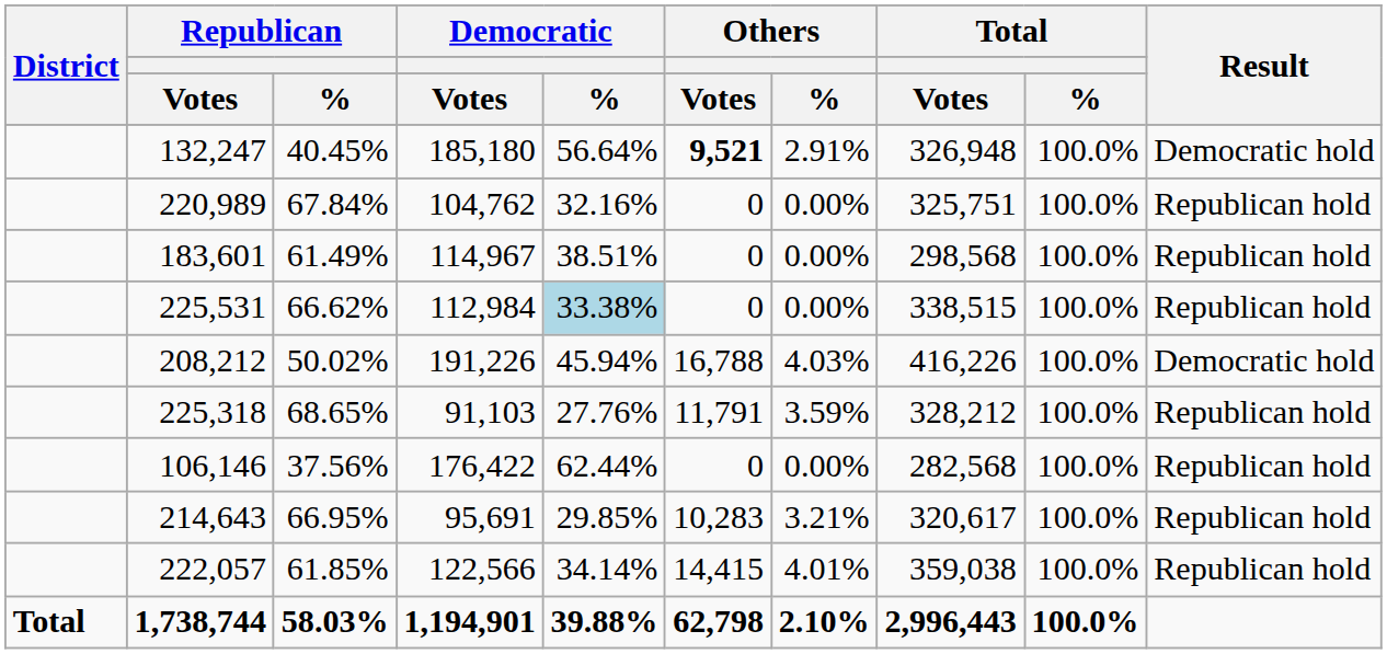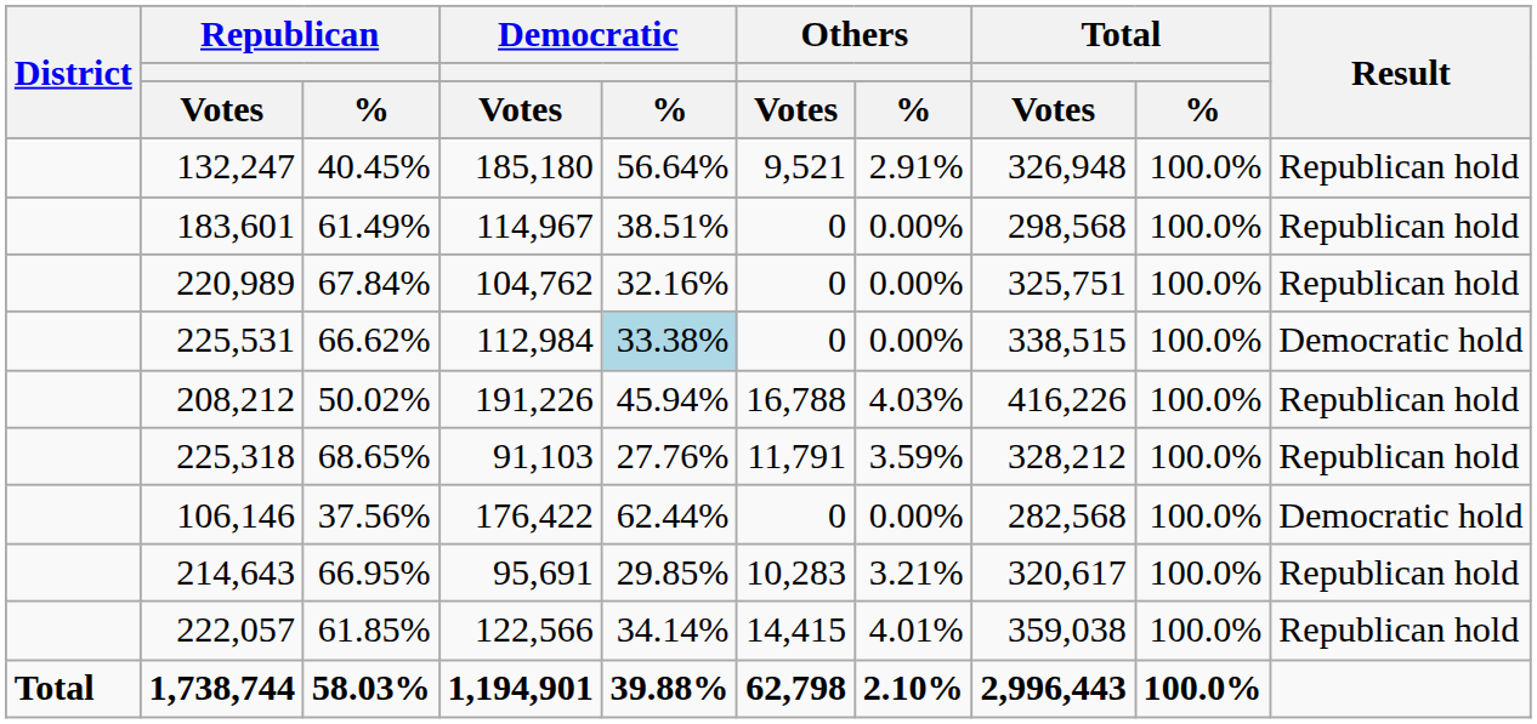 <table class="wikitable plainrowheaders sortable" style="font-size:100%; text-align:right;">
 <tr>
 <th scope=col rowspan=3><a href='#'>District</a></th>
 <th scope=col colspan=2><a href='#'>Republican</a></th>
 <th scope=col colspan=2><a href='#'>Democratic</a></th>
 <th scope=col colspan=2>Others</th>
 <th scope=col colspan=2>Total</th>
 <th scope=col rowspan=3>Result</th>
 </tr>
 <tr>
 <th scope=col colspan=2 style="background:"></th>
 <th scope=col colspan=2 style="background:"></th>
 <th scope=col colspan=2></th>
 <th scope=col colspan=2></th>
 </tr>
 <tr>
 <th scope=col data-sort-type="number">Votes</th>
 <th scope=col data-sort-type="number">%</th>
 <th scope=col data-sort-type="number">Votes</th>
 <th scope=col data-sort-type="number">%</th>
 <th scope=col data-sort-type="number">Votes</th>
 <th scope=col data-sort-type="number">%</th>
 <th scope=col data-sort-type="number">Votes</th>
 <th scope=col data-sort-type="number">%</th>
 </tr>
 <tr>
 <td align=left></td>
 <td>132,247</td>
 <td>40.45%</td>
 <td>185,180</td>
 <td>56.64%</td>
-<td><strong>9,521</strong></td>
+<td>9,521</td>
 <td>2.91%</td>
 <td>326,948</td>
-<td>100.0%</td>
-<td align=left>Democratic hold</td>
-</tr>
-<tr>
-<td align=left></td>
-<td>220,989</td>
-<td>67.84%</td>
-<td>104,762</td>
-<td>32.16%</td>
-<td>0</td>
-<td>0.00%</td>
-<td>325,751</td>
 <td>100.0%</td>
 <td align=left>Republican hold</td>
 </tr>
 <tr>
 <td align=left></td>
 <td>183,601</td>
 <td>61.49%</td>
 <td>114,967</td>
 <td>38.51%</td>
 <td>0</td>
 <td>0.00%</td>
 <td>298,568</td>
 <td>100.0%</td>
 <td align=left>Republican hold</td>
 </tr>
 <tr>
 <td align=left></td>
+<td>220,989</td>
+<td>67.84%</td>
+<td>104,762</td>
+<td>32.16%</td>
+<td>0</td>
+<td>0.00%</td>
+<td>325,751</td>
+<td>100.0%</td>
+<td align=left>Republican hold</td>
+</tr>
+<tr>
+<td align=left></td>
 <td>225,531</td>
 <td>66.62%</td>
 <td>112,984</td>
 <td style="background: lightblue;">33.38%</td>
 <td>0</td>
 <td>0.00%</td>
 <td>338,515</td>
 <td>100.0%</td>
-<td align=left>Republican hold</td>
+<td align=left>Democratic hold</td>
 </tr>
 <tr>
 <td align=left></td>
 <td>208,212</td>
 <td>50.02%</td>
 <td>191,226</td>
 <td>45.94%</td>
 <td>16,788</td>
 <td>4.03%</td>
 <td>416,226</td>
 <td>100.0%</td>
-<td align=left>Democratic hold</td>
+<td align=left>Republican hold</td>
 </tr>
 <tr>
 <td align=left></td>
 <td>225,318</td>
 <td>68.65%</td>
 <td>91,103</td>
 <td>27.76%</td>
 <td>11,791</td>
 <td>3.59%</td>
 <td>328,212</td>
 <td>100.0%</td>
 <td align=left>Republican hold</td>
 </tr>
 <tr>
 <td align=left></td>
 <td>106,146</td>
 <td>37.56%</td>
 <td>176,422</td>
 <td>62.44%</td>
 <td>0</td>
 <td>0.00%</td>
 <td>282,568</td>
 <td>100.0%</td>
-<td align=left>Republican hold</td>
+<td align=left>Democratic hold</td>
 </tr>
 <tr>
 <td align=left></td>
 <td>214,643</td>
 <td>66.95%</td>
 <td>95,691</td>
 <td>29.85%</td>
 <td>10,283</td>
 <td>3.21%</td>
 <td>320,617</td>
 <td>100.0%</td>
 <td align=left>Republican hold</td>
 </tr>
 <tr>
 <td align=left></td>
 <td>222,057</td>
 <td>61.85%</td>
 <td>122,566</td>
 <td>34.14%</td>
 <td>14,415</td>
 <td>4.01%</td>
 <td>359,038</td>
 <td>100.0%</td>
 <td align=left>Republican hold</td>
 </tr>
 <tr class="sortbottom" style="font-weight:bold">
 <td align=left>Total</td>
 <td>1,738,744</td>
 <td>58.03%</td>
 <td>1,194,901</td>
 <td>39.88%</td>
 <td>62,798</td>
 <td>2.10%</td>
 <td>2,996,443</td>
 <td>100.0%</td>
 <td></td>
 </tr>
 </table>
